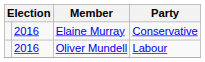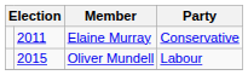 <table class="wikitable">
 <tr>
 <th colspan="2">Election</th>
 <th>Member</th>
 <th>Party</th>
 </tr>
 <tr>
 <td style="background-color: "></td>
-<td><a href='#'>2016</a></td>
+<td><a href='#'>2011</a></td>
 <td><a href='#'>Elaine Murray</a></td>
 <td><a href='#'>Conservative</a></td>
 </tr>
 <tr>
 <td style="background-color: "></td>
-<td><a href='#'>2016</a></td>
+<td><a href='#'>2015</a></td>
 <td><a href='#'>Oliver Mundell</a></td>
 <td><a href='#'>Labour</a></td>
 </tr>
 <tr>
 </tr>
 </table>
